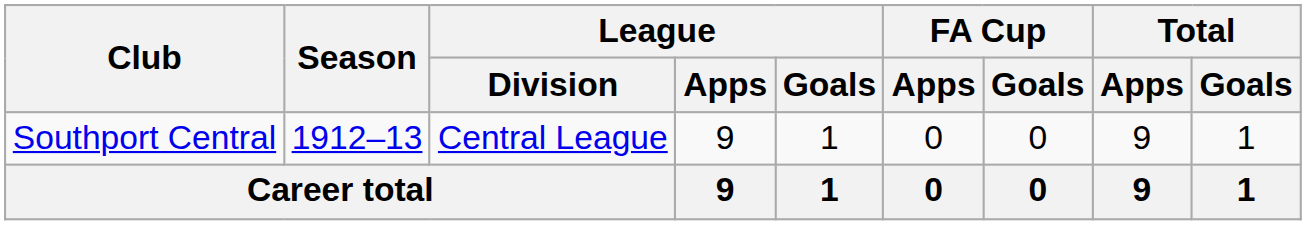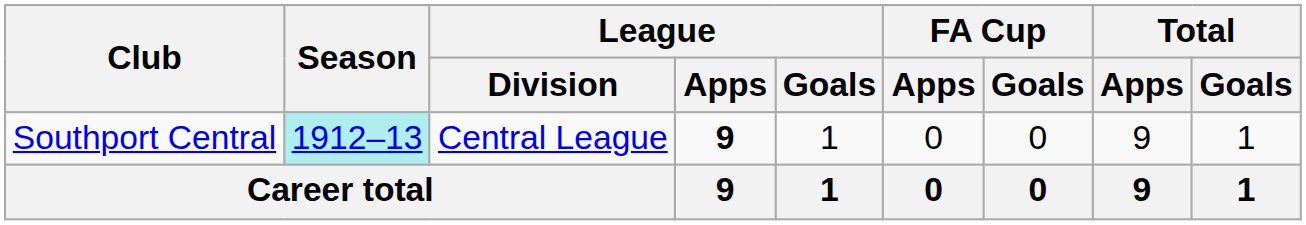 <table class="wikitable" style="text-align:center">
 <tr>
 <th rowspan="2">Club</th>
 <th rowspan="2">Season</th>
 <th colspan="3">League</th>
 <th colspan="2">FA Cup</th>
 <th colspan="2">Total</th>
 </tr>
 <tr>
 <th>Division</th>
 <th>Apps</th>
 <th>Goals</th>
 <th>Apps</th>
 <th>Goals</th>
 <th>Apps</th>
 <th>Goals</th>
 </tr>
 <tr>
 <td><a href='#'>Southport Central</a></td>
-<td><a href='#'>1912–13</a></td>
+<td style="background: paleturquoise;"><a href='#'>1912–13</a></td>
 <td><a href='#'>Central League</a></td>
-<td>9</td>
+<td><strong>9</strong></td>
 <td>1</td>
 <td>0</td>
 <td>0</td>
 <td>9</td>
 <td>1</td>
 </tr>
 <tr>
 <th colspan="3">Career total</th>
 <th>9</th>
 <th>1</th>
 <th>0</th>
 <th>0</th>
 <th>9</th>
 <th>1</th>
 </tr>
 </table>
